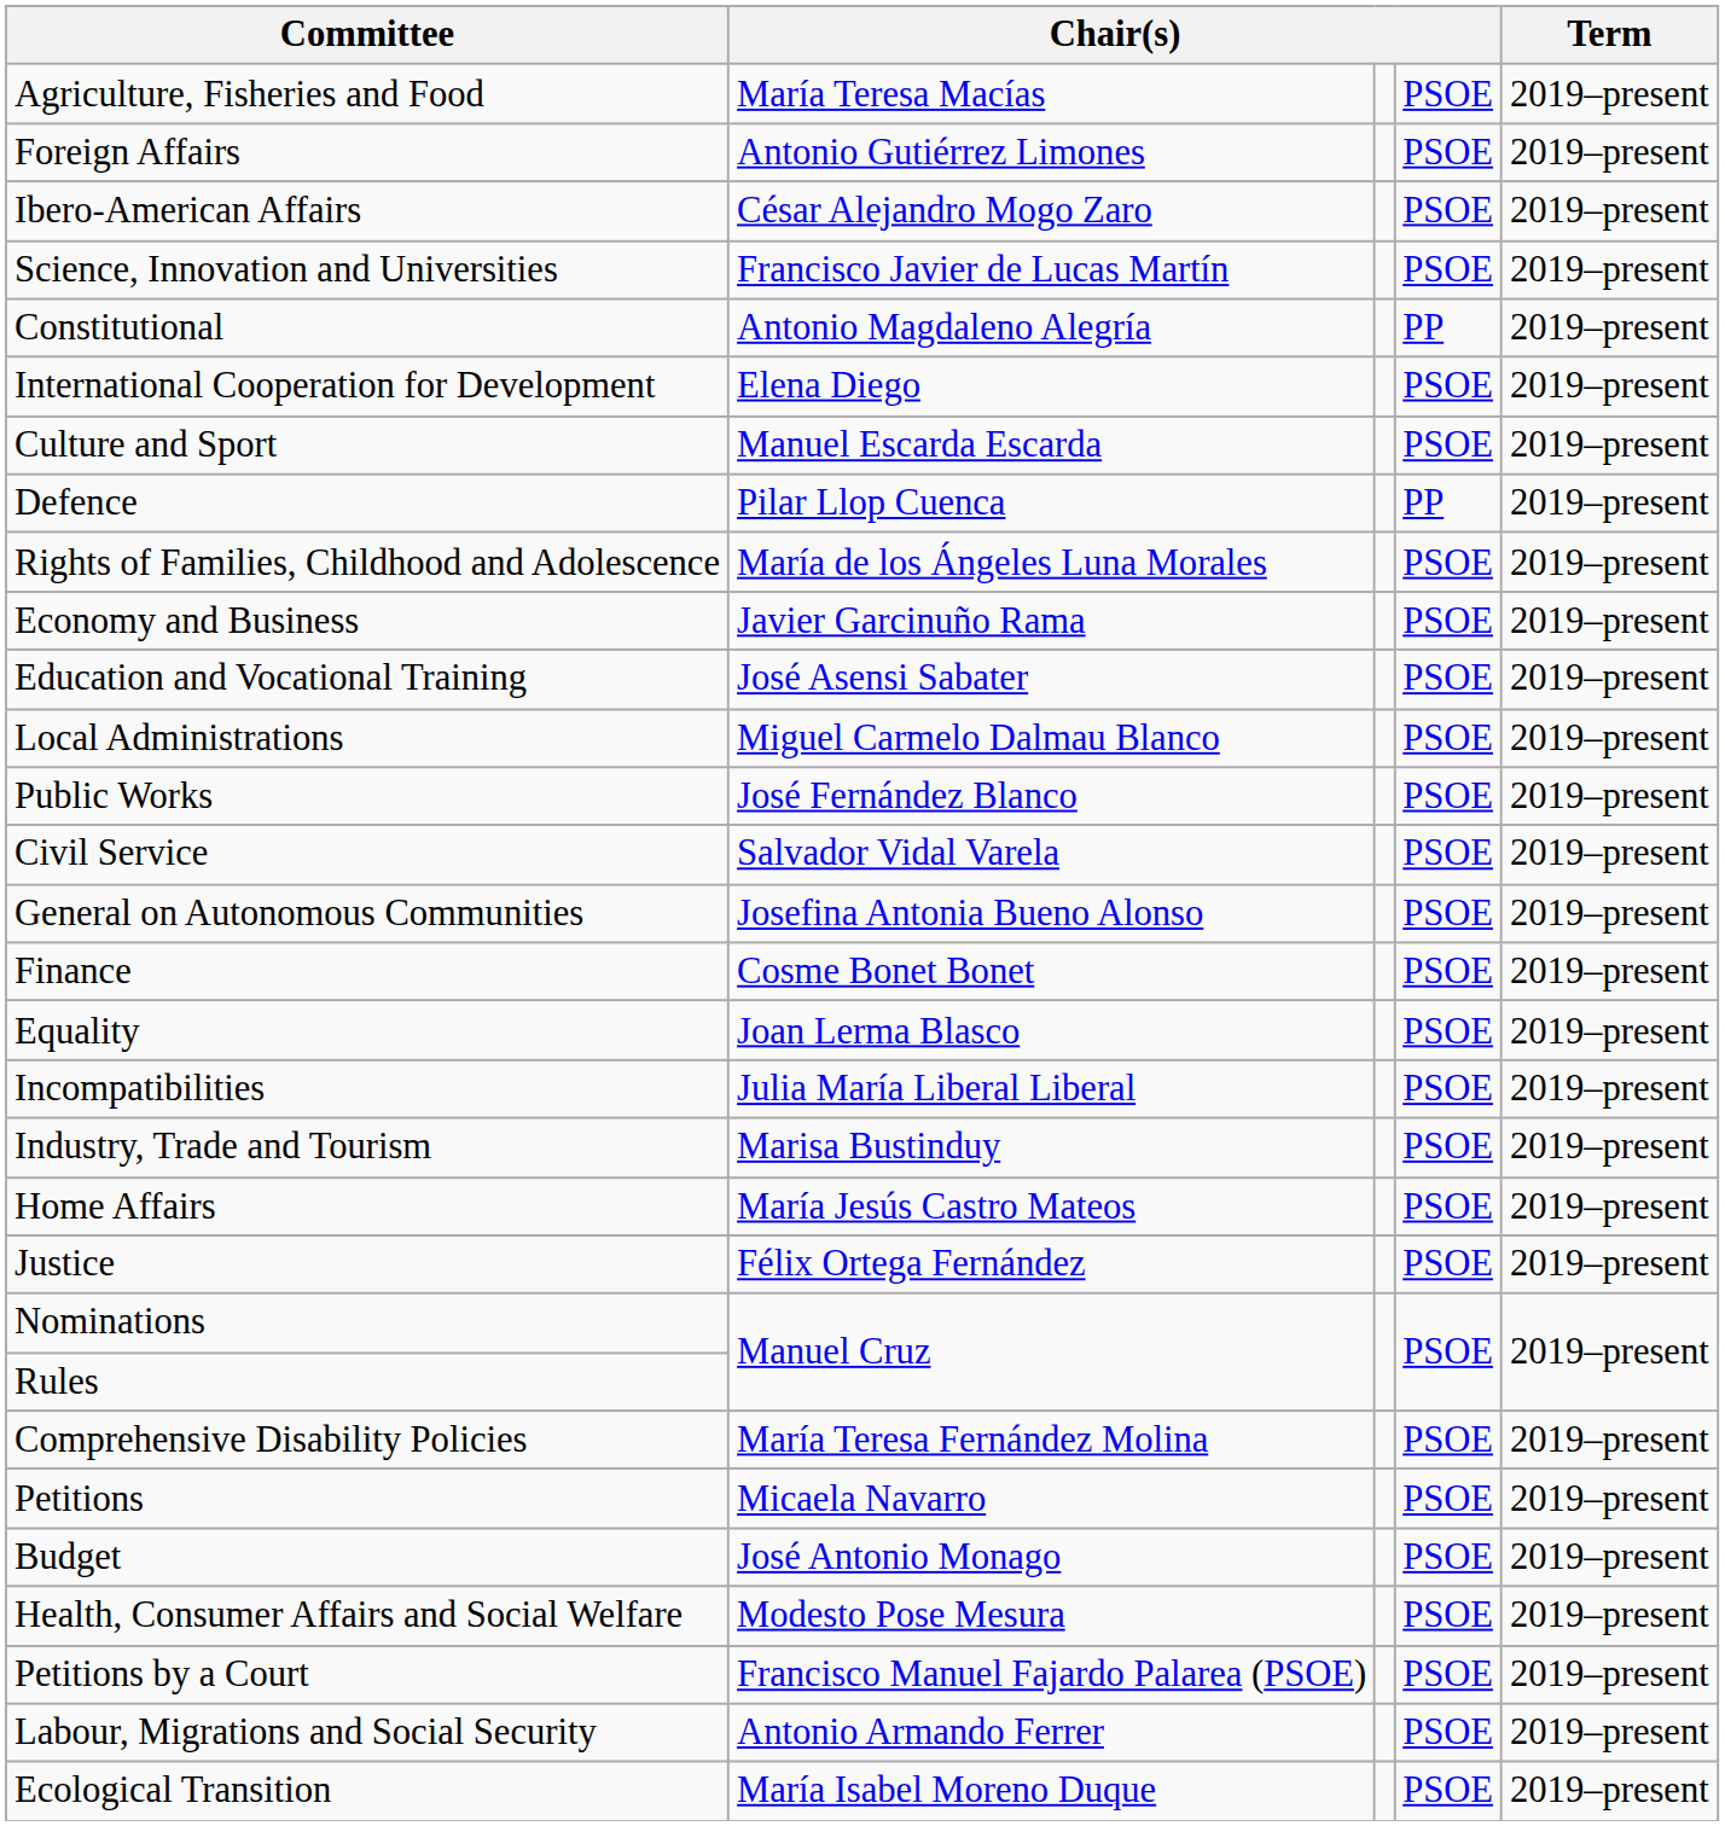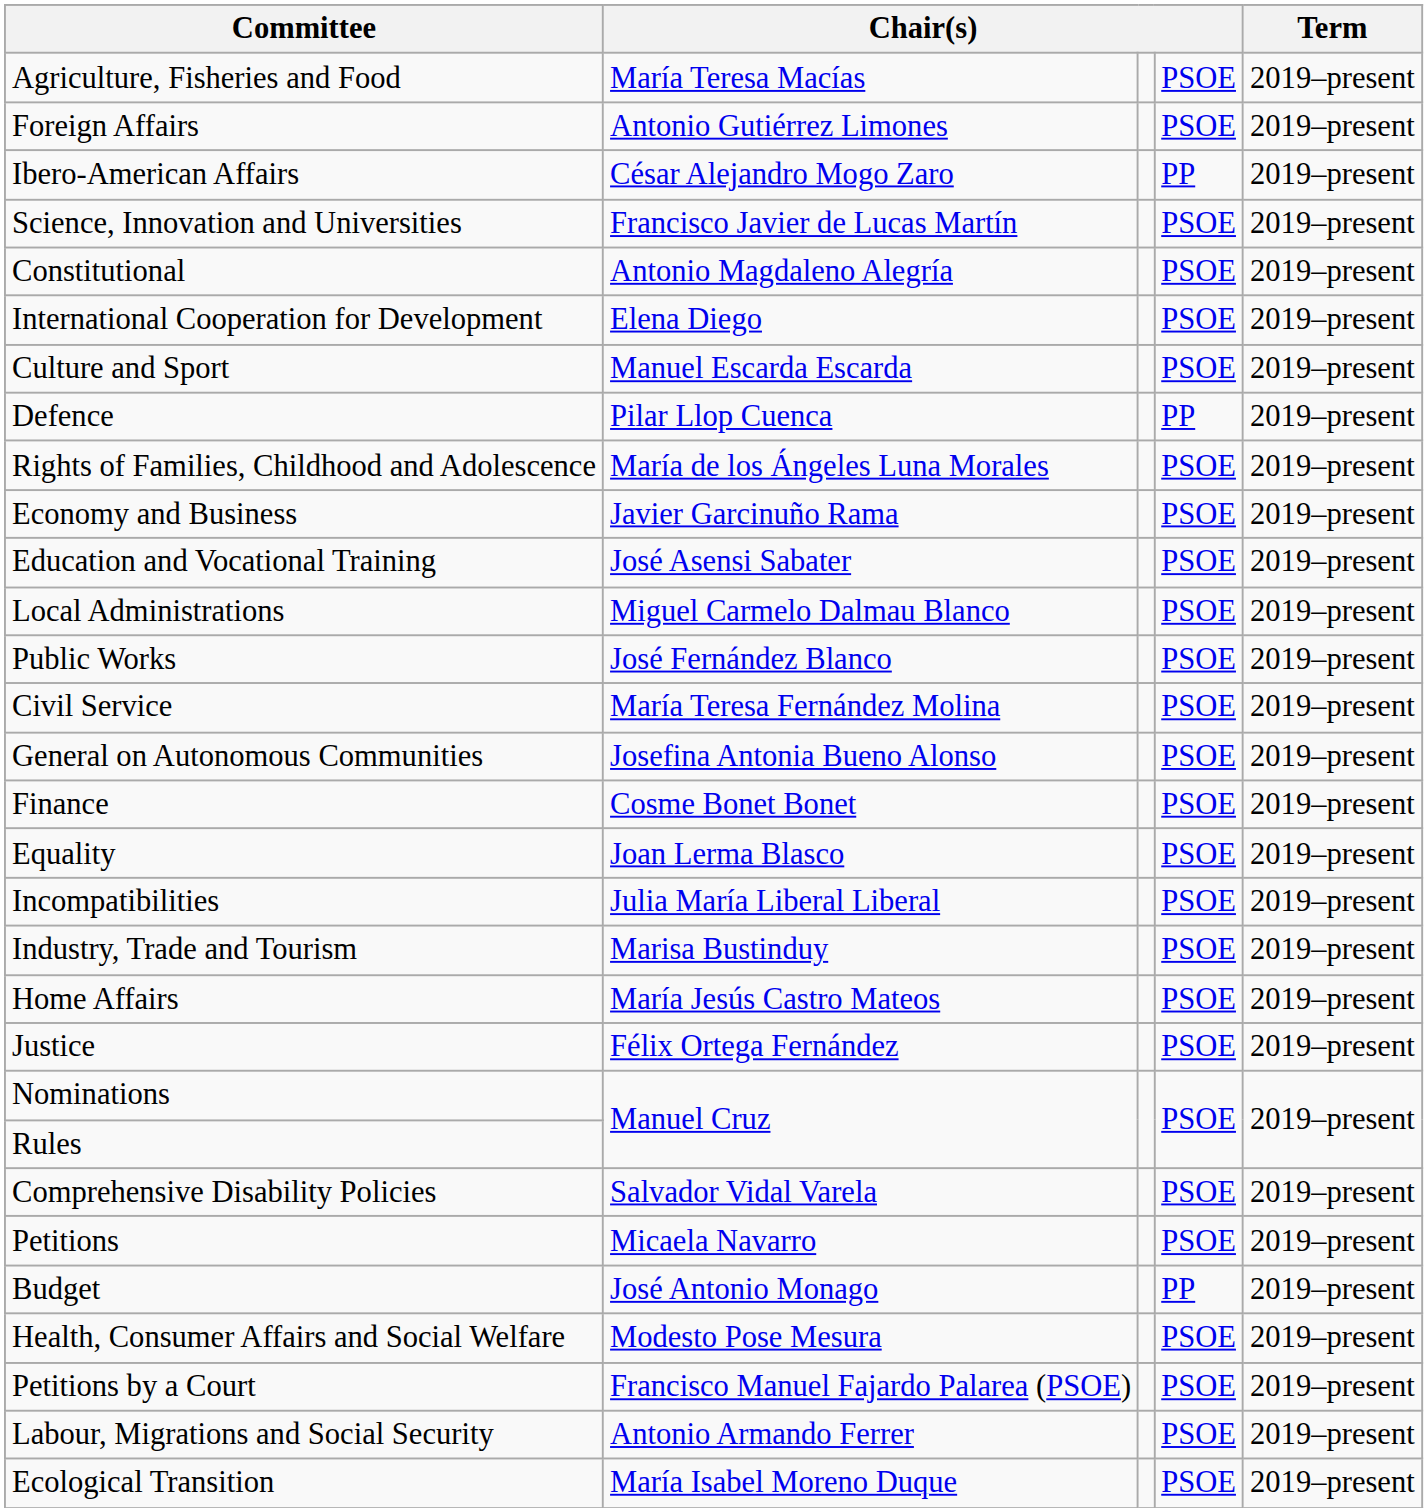 <table class="wikitable">
 <tr>
 <th>Committee</th>
 <th colspan="3">Chair(s)</th>
 <th>Term</th>
 </tr>
 <tr>
 <td>Agriculture, Fisheries and Food</td>
 <td><a href='#'>María Teresa Macías</a></td>
 <td width="1"></td>
 <td><a href='#'>PSOE</a></td>
 <td>2019–present</td>
 </tr>
 <tr>
 <td>Foreign Affairs</td>
 <td><a href='#'>Antonio Gutiérrez Limones</a></td>
 <td></td>
 <td><a href='#'>PSOE</a></td>
 <td>2019–present</td>
 </tr>
 <tr>
 <td>Ibero-American Affairs</td>
 <td><a href='#'>César Alejandro Mogo Zaro</a></td>
 <td></td>
-<td><a href='#'>PSOE</a></td>
+<td><a href='#'>PP</a></td>
 <td>2019–present</td>
 </tr>
 <tr>
 <td>Science, Innovation and Universities</td>
 <td><a href='#'>Francisco Javier de Lucas Martín</a></td>
 <td></td>
 <td><a href='#'>PSOE</a></td>
 <td>2019–present</td>
 </tr>
 <tr>
 <td>Constitutional</td>
 <td><a href='#'>Antonio Magdaleno Alegría</a></td>
 <td></td>
-<td><a href='#'>PP</a></td>
+<td><a href='#'>PSOE</a></td>
 <td>2019–present</td>
 </tr>
 <tr>
 <td>International Cooperation for Development</td>
 <td><a href='#'>Elena Diego</a></td>
 <td></td>
 <td><a href='#'>PSOE</a></td>
 <td>2019–present</td>
 </tr>
 <tr>
 <td>Culture and Sport</td>
 <td><a href='#'>Manuel Escarda Escarda</a></td>
 <td></td>
 <td><a href='#'>PSOE</a></td>
 <td>2019–present</td>
 </tr>
 <tr>
 <td>Defence</td>
 <td><a href='#'>Pilar Llop Cuenca</a></td>
 <td></td>
 <td><a href='#'>PP</a></td>
 <td>2019–present</td>
 </tr>
 <tr>
 <td>Rights of Families, Childhood and Adolescence</td>
 <td><a href='#'>María de los Ángeles Luna Morales</a></td>
 <td></td>
 <td><a href='#'>PSOE</a></td>
 <td>2019–present</td>
 </tr>
 <tr>
 <td>Economy and Business</td>
 <td><a href='#'>Javier Garcinuño Rama</a></td>
 <td></td>
 <td><a href='#'>PSOE</a></td>
 <td>2019–present</td>
 </tr>
 <tr>
 <td>Education and Vocational Training</td>
 <td><a href='#'>José Asensi Sabater</a></td>
 <td></td>
 <td><a href='#'>PSOE</a></td>
 <td>2019–present</td>
 </tr>
 <tr>
 <td>Local Administrations</td>
 <td><a href='#'>Miguel Carmelo Dalmau Blanco</a></td>
 <td></td>
 <td><a href='#'>PSOE</a></td>
 <td>2019–present</td>
 </tr>
 <tr>
 <td>Public Works</td>
 <td><a href='#'>José Fernández Blanco</a></td>
 <td></td>
 <td><a href='#'>PSOE</a></td>
 <td>2019–present</td>
 </tr>
 <tr>
 <td>Civil Service</td>
-<td><a href='#'>Salvador Vidal Varela</a></td>
+<td><a href='#'>María Teresa Fernández Molina</a></td>
 <td></td>
 <td><a href='#'>PSOE</a></td>
 <td>2019–present</td>
 </tr>
 <tr>
 <td>General on Autonomous Communities</td>
 <td><a href='#'>Josefina Antonia Bueno Alonso</a></td>
 <td></td>
 <td><a href='#'>PSOE</a></td>
 <td>2019–present</td>
 </tr>
 <tr>
 <td>Finance</td>
 <td><a href='#'>Cosme Bonet Bonet</a></td>
 <td></td>
 <td><a href='#'>PSOE</a></td>
 <td>2019–present</td>
 </tr>
 <tr>
 <td>Equality</td>
 <td><a href='#'>Joan Lerma Blasco</a></td>
 <td></td>
 <td><a href='#'>PSOE</a></td>
 <td>2019–present</td>
 </tr>
 <tr>
 <td>Incompatibilities</td>
 <td><a href='#'>Julia María Liberal Liberal</a></td>
 <td></td>
 <td><a href='#'>PSOE</a></td>
 <td>2019–present</td>
 </tr>
 <tr>
 <td>Industry, Trade and Tourism</td>
 <td><a href='#'>Marisa Bustinduy</a></td>
 <td></td>
 <td><a href='#'>PSOE</a></td>
 <td>2019–present</td>
 </tr>
 <tr>
 <td>Home Affairs</td>
 <td><a href='#'>María Jesús Castro Mateos</a></td>
 <td></td>
 <td><a href='#'>PSOE</a></td>
 <td>2019–present</td>
 </tr>
 <tr>
 <td>Justice</td>
 <td><a href='#'>Félix Ortega Fernández</a></td>
 <td></td>
 <td><a href='#'>PSOE</a></td>
 <td>2019–present</td>
 </tr>
 <tr>
 <td>Nominations</td>
 <td rowspan="2"><a href='#'>Manuel Cruz</a></td>
 <td rowspan="2"></td>
 <td rowspan="2"><a href='#'>PSOE</a></td>
 <td rowspan="2">2019–present</td>
 </tr>
 <tr>
 <td>Rules</td>
 </tr>
 <tr>
 <td>Comprehensive Disability Policies</td>
-<td><a href='#'>María Teresa Fernández Molina</a></td>
+<td><a href='#'>Salvador Vidal Varela</a></td>
 <td></td>
 <td><a href='#'>PSOE</a></td>
 <td>2019–present</td>
 </tr>
 <tr>
 <td>Petitions</td>
 <td><a href='#'>Micaela Navarro</a></td>
 <td></td>
 <td><a href='#'>PSOE</a></td>
 <td>2019–present</td>
 </tr>
 <tr>
 <td>Budget</td>
 <td><a href='#'>José Antonio Monago</a></td>
 <td></td>
-<td><a href='#'>PSOE</a></td>
+<td><a href='#'>PP</a></td>
 <td>2019–present</td>
 </tr>
 <tr>
 <td>Health, Consumer Affairs and Social Welfare</td>
 <td><a href='#'>Modesto Pose Mesura</a></td>
 <td></td>
 <td><a href='#'>PSOE</a></td>
 <td>2019–present</td>
 </tr>
 <tr>
 <td>Petitions by a Court</td>
 <td><a href='#'>Francisco Manuel Fajardo Palarea</a> (<a href='#'>PSOE</a>)</td>
 <td></td>
 <td><a href='#'>PSOE</a></td>
 <td>2019–present</td>
 </tr>
 <tr>
 <td>Labour, Migrations and Social Security</td>
 <td><a href='#'>Antonio Armando Ferrer</a></td>
 <td></td>
 <td><a href='#'>PSOE</a></td>
 <td>2019–present</td>
 </tr>
 <tr>
 <td>Ecological Transition</td>
 <td><a href='#'>María Isabel Moreno Duque</a></td>
 <td></td>
 <td><a href='#'>PSOE</a></td>
 <td>2019–present</td>
 </tr>
 </table>
